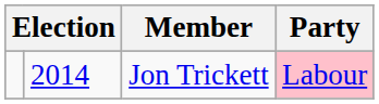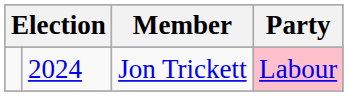 <table class="wikitable">
 <tr>
 <th colspan="2">Election</th>
 <th>Member</th>
 <th>Party</th>
 </tr>
 <tr>
 <td style="color:inherit;background-color: "></td>
-<td><a href='#'>2014</a></td>
+<td><a href='#'>2024</a></td>
 <td><a href='#'>Jon Trickett</a></td>
 <td style="background: pink;"><a href='#'>Labour</a></td>
 </tr>
 </table>
